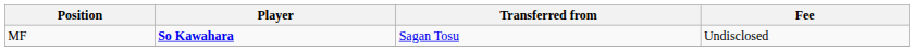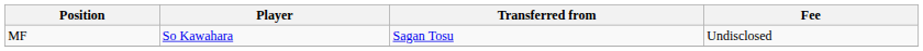 <table class="wikitable sortable" style="width:70%; text-align:center; font-size:100%; text-align:left;">
 <tr>
 <th>Position</th>
 <th>Player</th>
 <th>Transferred from</th>
 <th>Fee</th>
 </tr>
 <tr>
 <td>MF</td>
-<td><strong> <a href='#'>So Kawahara</a></strong></td>
+<td> <a href='#'>So Kawahara</a></td>
 <td> <a href='#'>Sagan Tosu</a></td>
 <td>Undisclosed </td>
 </tr>
 <tr>
 </tr>
 </table>
